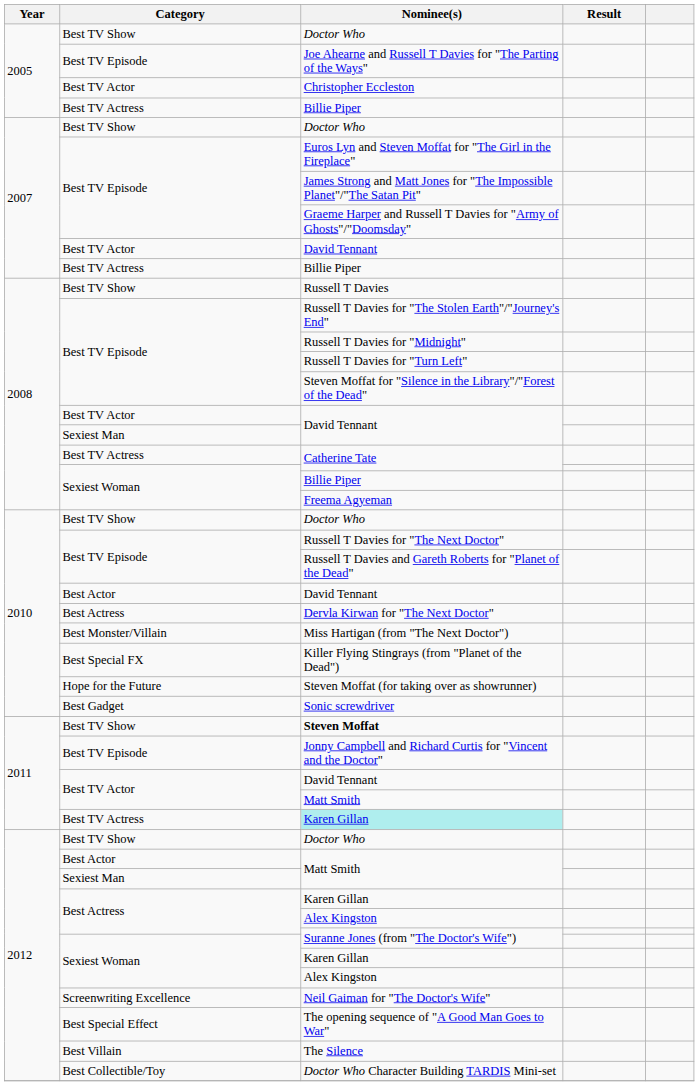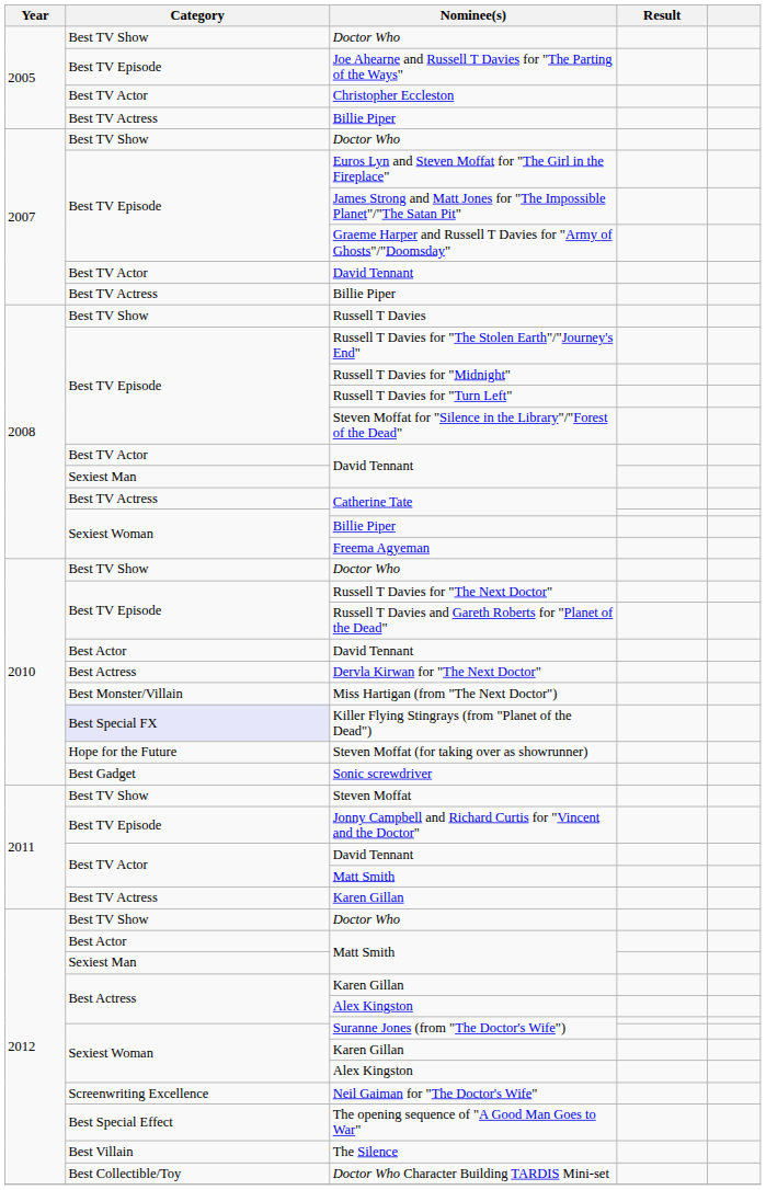 <table class="wikitable" style="width:70%">
 <tr>
 <th style="width:8%">Year</th>
 <th style="width:35%">Category</th>
 <th style="width:38%">Nominee(s)</th>
 <th style="width:12%">Result</th>
 <th style="width:7%"></th>
 </tr>
 <tr>
 <td rowspan="4">2005</td>
 <td>Best TV Show</td>
 <td><em>Doctor Who</em></td>
 <td></td>
 <td></td>
 </tr>
 <tr>
 <td>Best TV Episode</td>
 <td><a href='#'>Joe Ahearne</a> and <a href='#'>Russell T Davies</a> for "<a href='#'>The Parting of the Ways</a>"</td>
 <td></td>
 <td></td>
 </tr>
 <tr>
 <td>Best TV Actor</td>
 <td><a href='#'>Christopher Eccleston</a></td>
 <td></td>
 <td></td>
 </tr>
 <tr>
 <td>Best TV Actress</td>
 <td><a href='#'>Billie Piper</a></td>
 <td></td>
 <td></td>
 </tr>
 <tr>
 <td rowspan="6">2007</td>
 <td>Best TV Show</td>
 <td><em>Doctor Who</em></td>
 <td></td>
 <td></td>
 </tr>
 <tr>
 <td rowspan="3">Best TV Episode</td>
 <td><a href='#'>Euros Lyn</a> and <a href='#'>Steven Moffat</a> for "<a href='#'>The Girl in the Fireplace</a>"</td>
 <td></td>
 <td></td>
 </tr>
 <tr>
 <td><a href='#'>James Strong</a> and <a href='#'>Matt Jones</a> for "<a href='#'>The Impossible Planet</a>"/"<a href='#'>The Satan Pit</a>"</td>
 <td></td>
 <td></td>
 </tr>
 <tr>
 <td><a href='#'>Graeme Harper</a> and Russell T Davies for "<a href='#'>Army of Ghosts</a>"/"<a href='#'>Doomsday</a>"</td>
 <td></td>
 <td></td>
 </tr>
 <tr>
 <td>Best TV Actor</td>
 <td><a href='#'>David Tennant</a></td>
 <td></td>
 <td></td>
 </tr>
 <tr>
 <td>Best TV Actress</td>
 <td>Billie Piper</td>
 <td></td>
 <td></td>
 </tr>
 <tr>
 <td rowspan="11">2008</td>
 <td>Best TV Show</td>
 <td>Russell T Davies</td>
 <td></td>
 <td></td>
 </tr>
 <tr>
 <td rowspan="4">Best TV Episode</td>
 <td>Russell T Davies for "<a href='#'>The Stolen Earth</a>"/"<a href='#'>Journey's End</a>"</td>
 <td></td>
 <td></td>
 </tr>
 <tr>
 <td>Russell T Davies for "<a href='#'>Midnight</a>"</td>
 <td></td>
 <td></td>
 </tr>
 <tr>
 <td>Russell T Davies for "<a href='#'>Turn Left</a>"</td>
 <td></td>
 <td></td>
 </tr>
 <tr>
 <td>Steven Moffat for "<a href='#'>Silence in the Library</a>"/"<a href='#'>Forest of the Dead</a>"</td>
 <td></td>
 <td></td>
 </tr>
 <tr>
 <td>Best TV Actor</td>
 <td rowspan="2">David Tennant</td>
 <td></td>
 <td></td>
 </tr>
 <tr>
 <td>Sexiest Man</td>
 <td></td>
 <td></td>
 </tr>
 <tr>
 <td>Best TV Actress</td>
 <td rowspan="2"><a href='#'>Catherine Tate</a></td>
 <td></td>
 <td></td>
 </tr>
 <tr>
 <td rowspan="3">Sexiest Woman</td>
 <td></td>
 <td></td>
 </tr>
 <tr>
 <td><a href='#'>Billie Piper</a></td>
 <td></td>
 <td></td>
 </tr>
 <tr>
 <td><a href='#'>Freema Agyeman</a></td>
 <td></td>
 <td></td>
 </tr>
 <tr>
 <td rowspan="9">2010</td>
 <td>Best TV Show</td>
 <td><em>Doctor Who</em></td>
 <td></td>
 <td></td>
 </tr>
 <tr>
 <td rowspan="2">Best TV Episode</td>
 <td>Russell T Davies for "<a href='#'>The Next Doctor</a>"</td>
 <td></td>
 <td></td>
 </tr>
 <tr>
 <td>Russell T Davies and <a href='#'>Gareth Roberts</a> for "<a href='#'>Planet of the Dead</a>"</td>
 <td></td>
 <td></td>
 </tr>
 <tr>
 <td>Best Actor</td>
 <td>David Tennant</td>
 <td></td>
 <td></td>
 </tr>
 <tr>
 <td>Best Actress</td>
 <td><a href='#'>Dervla Kirwan</a> for "<a href='#'>The Next Doctor</a>"</td>
 <td></td>
 <td></td>
 </tr>
 <tr>
 <td>Best Monster/Villain</td>
 <td>Miss Hartigan (from "The Next Doctor")</td>
 <td></td>
 <td></td>
 </tr>
 <tr>
-<td>Best Special FX</td>
+<td style="background: lavender;">Best Special FX</td>
 <td>Killer Flying Stingrays (from "Planet of the Dead")</td>
 <td></td>
 <td></td>
 </tr>
 <tr>
 <td>Hope for the Future</td>
 <td>Steven Moffat (for taking over as showrunner)</td>
 <td></td>
 <td></td>
 </tr>
 <tr>
 <td>Best Gadget</td>
 <td><a href='#'>Sonic screwdriver</a></td>
 <td></td>
 <td></td>
 </tr>
 <tr>
 <td rowspan="5">2011</td>
 <td>Best TV Show</td>
-<td><strong>Steven Moffat</strong></td>
+<td>Steven Moffat</td>
 <td></td>
 <td></td>
 </tr>
 <tr>
 <td>Best TV Episode</td>
 <td><a href='#'>Jonny Campbell</a> and <a href='#'>Richard Curtis</a> for "<a href='#'>Vincent and the Doctor</a>"</td>
 <td></td>
 <td></td>
 </tr>
 <tr>
 <td rowspan="2">Best TV Actor</td>
 <td>David Tennant</td>
 <td></td>
 <td></td>
 </tr>
 <tr>
 <td><a href='#'>Matt Smith</a></td>
 <td></td>
 <td></td>
 </tr>
 <tr>
 <td>Best TV Actress</td>
-<td style="background: paleturquoise;"><a href='#'>Karen Gillan</a></td>
+<td><a href='#'>Karen Gillan</a></td>
 <td></td>
 <td></td>
 </tr>
 <tr>
 <td rowspan="13">2012</td>
 <td>Best TV Show</td>
 <td><em>Doctor Who</em></td>
 <td></td>
 <td></td>
 </tr>
 <tr>
 <td>Best Actor</td>
 <td rowspan="2">Matt Smith</td>
 <td></td>
 <td></td>
 </tr>
 <tr>
 <td>Sexiest Man</td>
 <td></td>
 <td></td>
 </tr>
 <tr>
 <td rowspan="3">Best Actress</td>
 <td>Karen Gillan</td>
 <td></td>
 <td></td>
 </tr>
 <tr>
 <td><a href='#'>Alex Kingston</a></td>
 <td></td>
 <td></td>
 </tr>
 <tr>
 <td rowspan="2"><a href='#'>Suranne Jones</a> (from "<a href='#'>The Doctor's Wife</a>")</td>
 <td></td>
 <td></td>
 </tr>
 <tr>
 <td rowspan="3">Sexiest Woman</td>
 <td></td>
 <td></td>
 </tr>
 <tr>
 <td>Karen Gillan</td>
 <td></td>
 <td></td>
 </tr>
 <tr>
 <td>Alex Kingston</td>
 <td></td>
 <td></td>
 </tr>
 <tr>
 <td>Screenwriting Excellence</td>
 <td><a href='#'>Neil Gaiman</a> for "<a href='#'>The Doctor's Wife</a>"</td>
 <td></td>
 <td></td>
 </tr>
 <tr>
 <td>Best Special Effect</td>
 <td>The opening sequence of "<a href='#'>A Good Man Goes to War</a>"</td>
 <td></td>
 <td></td>
 </tr>
 <tr>
 <td>Best Villain</td>
 <td>The <a href='#'>Silence</a></td>
 <td></td>
 <td></td>
 </tr>
 <tr>
 <td>Best Collectible/Toy</td>
 <td><em>Doctor Who</em> Character Building <a href='#'>TARDIS</a> Mini-set</td>
 <td></td>
 <td></td>
 </tr>
 <tr>
 </tr>
 </table>
